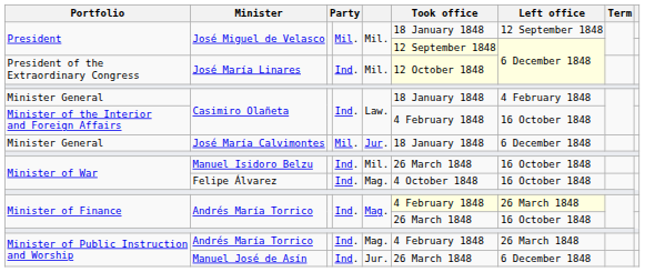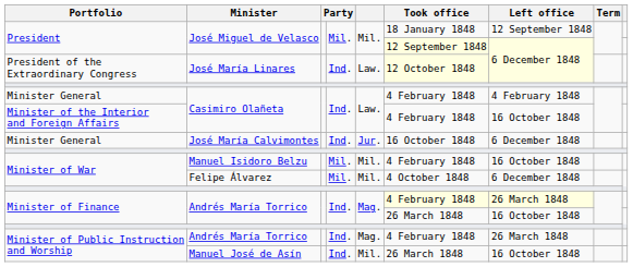 <table class="wikitable" style="font-size: 90%;">
 <tr>
 <th>Portfolio</th>
 <th>Minister</th>
 <th colspan="2">Party</th>
 <th></th>
 <th>Took office</th>
 <th>Left office</th>
 <th>Term</th>
 <th></th>
 </tr>
 <tr>
 <td rowspan=2><a href='#'>President</a></td>
 <td rowspan=2><a href='#'>José Miguel de Velasco</a></td>
 <td rowspan=2 style="background-color:"></td>
 <td rowspan=2><a href='#'>Mil</a>.</td>
 <td rowspan=2>Mil.</td>
 <td>18 January 1848</td>
 <td>12 September 1848</td>
 <td rowspan=2></td>
 <td></td>
 </tr>
 <tr>
 <td style="background-color:#FFFFE0;">12 September 1848</td>
 <td rowspan=2 style="background-color:#FFFFE0;">6 December 1848</td>
 <td></td>
 </tr>
 <tr>
 <td>President of the<br>Extraordinary Congress</td>
 <td><a href='#'>José María Linares</a></td>
 <td style="background-color:"></td>
 <td><a href='#'>Ind</a>.</td>
-<td>Mil.</td>
+<td>Law.</td>
 <td style="background-color:#FFFFE0;">12 October 1848</td>
 <td></td>
 <td><br></td>
 </tr>
 <tr>
 <td colspan=9 bgcolor="#EAECF0"></td>
 </tr>
 <tr>
 <td>Minister General</td>
 <td rowspan=2><a href='#'>Casimiro Olañeta</a></td>
 <td rowspan=2 style="background-color:"></td>
 <td rowspan=2><a href='#'>Ind</a>.</td>
 <td rowspan=2>Law.</td>
-<td>18 January 1848</td>
+<td>4 February 1848</td>
 <td>4 February 1848</td>
 <td rowspan=2></td>
 <td></td>
 </tr>
 <tr>
 <td><a href='#'>Minister of the Interior<br>and Foreign Affairs</a></td>
 <td>4 February 1848</td>
 <td>16 October 1848</td>
 <td></td>
 </tr>
 <tr>
 <td>Minister General</td>
 <td><a href='#'>José María Calvimontes</a></td>
 <td style="background-color:"></td>
-<td><a href='#'>Mil</a>.</td>
+<td><a href='#'>Ind</a>.</td>
 <td><a href='#'>Jur</a>.</td>
-<td>18 January 1848</td>
+<td>16 October 1848</td>
 <td>6 December 1848</td>
 <td></td>
 <td></td>
 </tr>
 <tr>
 <td colspan=9 bgcolor="#EAECF0"></td>
 </tr>
 <tr>
 <td rowspan=2><a href='#'>Minister of War</a></td>
 <td><a href='#'>Manuel Isidoro Belzu</a></td>
 <td style="background-color:"></td>
-<td><a href='#'>Ind</a>.</td>
+<td><a href='#'>Mil</a>.</td>
 <td>Mil.</td>
-<td>26 March 1848</td>
+<td>4 February 1848</td>
 <td>16 October 1848</td>
 <td></td>
 <td></td>
 </tr>
 <tr>
 <td>Felipe Álvarez</td>
 <td style="background-color:"></td>
-<td><a href='#'>Ind</a>.</td>
-<td>Mag.</td>
+<td><a href='#'>Mil</a>.</td>
+<td>Mil.</td>
 <td>4 October 1848</td>
-<td>16 October 1848</td>
+<td>6 December 1848</td>
 <td></td>
 <td rowspan=2></td>
 </tr>
 <tr>
 <td colspan=9 bgcolor="#EAECF0"></td>
 </tr>
 <tr>
 <td rowspan=2><a href='#'>Minister of Finance</a></td>
 <td rowspan=2><a href='#'>Andrés María Torrico</a></td>
 <td rowspan=2 style="background-color:"></td>
 <td rowspan=2><a href='#'>Ind</a>.</td>
 <td rowspan=2><a href='#'>Mag</a>.</td>
 <td style="background-color:#FFFFE0;">4 February 1848</td>
 <td style="background-color:#FFFFE0;">26 March 1848</td>
 <td rowspan=2></td>
 <td></td>
 </tr>
 <tr>
 <td>26 March 1848</td>
 <td>16 October 1848</td>
 <td rowspan=2></td>
 </tr>
 <tr>
 <td colspan=9 bgcolor="#EAECF0"></td>
 </tr>
 <tr>
 <td rowspan=2><a href='#'>Minister of Public Instruction<br>and Worship</a></td>
 <td><a href='#'>Andrés María Torrico</a></td>
 <td style="background-color:"></td>
 <td><a href='#'>Ind</a>.</td>
 <td>Mag.</td>
 <td>4 February 1848</td>
 <td>26 March 1848</td>
 <td></td>
 <td></td>
 </tr>
 <tr>
 <td><a href='#'>Manuel José de Asín</a></td>
 <td style="background-color:"></td>
 <td><a href='#'>Ind</a>.</td>
-<td>Jur.</td>
+<td>Mil.</td>
 <td>26 March 1848</td>
-<td>6 December 1848</td>
+<td>16 October 1848</td>
 <td></td>
 <td rowspan=2></td>
 </tr>
 </table>
